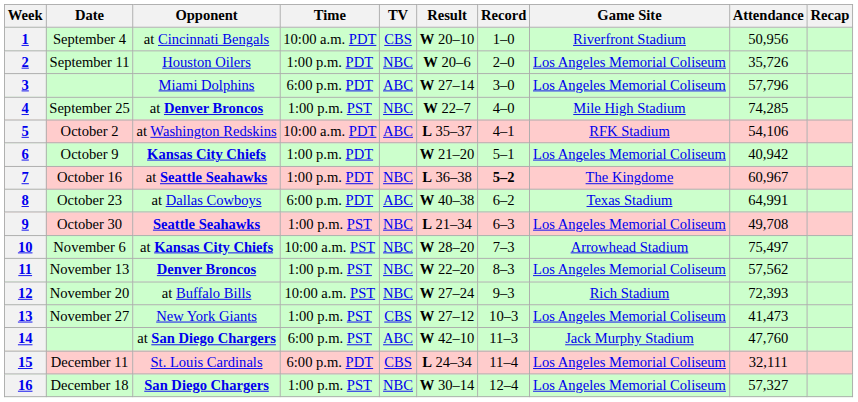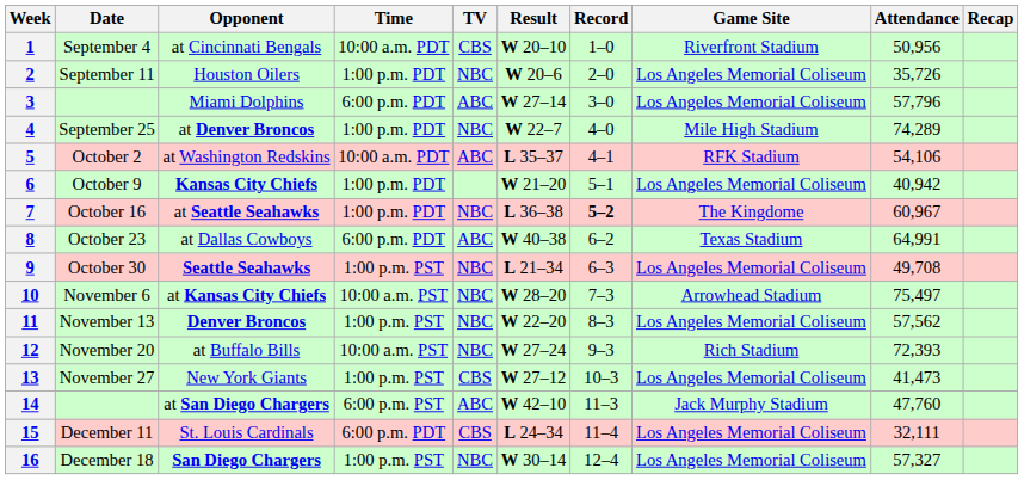 <table class="wikitable" style="text-align:center">
 <tr>
 <th>Week</th>
 <th>Date</th>
 <th>Opponent</th>
 <th>Time</th>
 <th>TV</th>
 <th>Result</th>
 <th>Record</th>
 <th>Game Site</th>
 <th>Attendance</th>
 <th>Recap</th>
 </tr>
 <tr style="background:#cfc">
 <th><a href='#'>1</a></th>
 <td>September 4</td>
 <td>at <a href='#'>Cincinnati Bengals</a></td>
 <td>10:00 a.m. <a href='#'>PDT</a></td>
 <td><a href='#'>CBS</a></td>
 <td><strong>W</strong> 20–10</td>
 <td>1–0</td>
 <td><a href='#'>Riverfront Stadium</a></td>
 <td>50,956</td>
 <td></td>
 </tr>
 <tr style="background:#cfc">
 <th><a href='#'>2</a></th>
 <td>September 11</td>
 <td><a href='#'>Houston Oilers</a></td>
 <td>1:00 p.m. <a href='#'>PDT</a></td>
 <td><a href='#'>NBC</a></td>
 <td><strong>W</strong> 20–6</td>
 <td>2–0</td>
 <td><a href='#'>Los Angeles Memorial Coliseum</a></td>
 <td>35,726</td>
 <td></td>
 </tr>
 <tr style="background:#cfc">
 <th><a href='#'>3</a></th>
 <td></td>
 <td><a href='#'>Miami Dolphins</a></td>
 <td>6:00 p.m. <a href='#'>PDT</a></td>
 <td><a href='#'>ABC</a></td>
 <td><strong>W</strong> 27–14</td>
 <td>3–0</td>
 <td><a href='#'>Los Angeles Memorial Coliseum</a></td>
 <td>57,796</td>
 <td></td>
 </tr>
 <tr style="background:#cfc">
 <th><a href='#'>4</a></th>
 <td>September 25</td>
 <td>at <strong><a href='#'>Denver Broncos</a></strong></td>
-<td>1:00 p.m. <a href='#'>PST</a></td>
+<td>1:00 p.m. <a href='#'>PDT</a></td>
 <td><a href='#'>NBC</a></td>
 <td><strong>W</strong> 22–7</td>
 <td>4–0</td>
 <td><a href='#'>Mile High Stadium</a></td>
-<td>74,285</td>
+<td>74,289</td>
 <td></td>
 </tr>
 <tr style="background:#fcc">
 <th><a href='#'>5</a></th>
 <td>October 2</td>
 <td>at <a href='#'>Washington Redskins</a></td>
 <td>10:00 a.m. <a href='#'>PDT</a></td>
 <td><a href='#'>ABC</a></td>
 <td><strong>L</strong> 35–37</td>
 <td>4–1</td>
 <td><a href='#'>RFK Stadium</a></td>
 <td>54,106</td>
 <td></td>
 </tr>
 <tr style="background:#cfc">
 <th><a href='#'>6</a></th>
 <td>October 9</td>
 <td><strong><a href='#'>Kansas City Chiefs</a></strong></td>
 <td>1:00 p.m. <a href='#'>PDT</a></td>
 <td></td>
 <td><strong>W</strong> 21–20</td>
 <td>5–1</td>
 <td><a href='#'>Los Angeles Memorial Coliseum</a></td>
 <td>40,942</td>
 <td></td>
 </tr>
 <tr style="background:#fcc">
 <th><a href='#'>7</a></th>
 <td>October 16</td>
 <td>at <strong><a href='#'>Seattle Seahawks</a></strong></td>
 <td>1:00 p.m. <a href='#'>PDT</a></td>
 <td><a href='#'>NBC</a></td>
 <td><strong>L</strong> 36–38</td>
 <td><strong>5–2</strong></td>
 <td><a href='#'>The Kingdome</a></td>
 <td>60,967</td>
 <td></td>
 </tr>
 <tr style="background:#cfc">
 <th><a href='#'>8</a></th>
 <td>October 23</td>
 <td>at <a href='#'>Dallas Cowboys</a></td>
 <td>6:00 p.m. <a href='#'>PDT</a></td>
 <td><a href='#'>ABC</a></td>
 <td><strong>W</strong> 40–38</td>
 <td>6–2</td>
 <td><a href='#'>Texas Stadium</a></td>
 <td>64,991</td>
 <td></td>
 </tr>
 <tr style="background:#fcc">
 <th><a href='#'>9</a></th>
 <td>October 30</td>
 <td><strong><a href='#'>Seattle Seahawks</a></strong></td>
 <td>1:00 p.m. <a href='#'>PST</a></td>
 <td><a href='#'>NBC</a></td>
 <td><strong>L</strong> 21–34</td>
 <td>6–3</td>
 <td><a href='#'>Los Angeles Memorial Coliseum</a></td>
 <td>49,708</td>
 <td></td>
 </tr>
 <tr style="background:#cfc">
 <th><a href='#'>10</a></th>
 <td>November 6</td>
 <td>at <strong><a href='#'>Kansas City Chiefs</a></strong></td>
 <td>10:00 a.m. <a href='#'>PST</a></td>
 <td><a href='#'>NBC</a></td>
 <td><strong>W</strong> 28–20</td>
 <td>7–3</td>
 <td><a href='#'>Arrowhead Stadium</a></td>
 <td>75,497</td>
 <td></td>
 </tr>
 <tr style="background:#cfc">
 <th><a href='#'>11</a></th>
 <td>November 13</td>
 <td><strong><a href='#'>Denver Broncos</a></strong></td>
 <td>1:00 p.m. <a href='#'>PST</a></td>
 <td><a href='#'>NBC</a></td>
 <td><strong>W</strong> 22–20</td>
 <td>8–3</td>
 <td><a href='#'>Los Angeles Memorial Coliseum</a></td>
 <td>57,562</td>
 <td></td>
 </tr>
 <tr style="background:#cfc">
 <th><a href='#'>12</a></th>
 <td>November 20</td>
 <td>at <a href='#'>Buffalo Bills</a></td>
 <td>10:00 a.m. <a href='#'>PST</a></td>
 <td><a href='#'>NBC</a></td>
 <td><strong>W</strong> 27–24</td>
 <td>9–3</td>
 <td><a href='#'>Rich Stadium</a></td>
 <td>72,393</td>
 <td></td>
 </tr>
 <tr style="background:#cfc">
 <th><a href='#'>13</a></th>
 <td>November 27</td>
 <td><a href='#'>New York Giants</a></td>
 <td>1:00 p.m. <a href='#'>PST</a></td>
 <td><a href='#'>CBS</a></td>
 <td><strong>W</strong> 27–12</td>
 <td>10–3</td>
 <td><a href='#'>Los Angeles Memorial Coliseum</a></td>
 <td>41,473</td>
 <td></td>
 </tr>
 <tr style="background:#cfc">
 <th><a href='#'>14</a></th>
 <td></td>
 <td>at <strong><a href='#'>San Diego Chargers</a></strong></td>
 <td>6:00 p.m. <a href='#'>PST</a></td>
 <td><a href='#'>ABC</a></td>
 <td><strong>W</strong> 42–10</td>
 <td>11–3</td>
 <td><a href='#'>Jack Murphy Stadium</a></td>
 <td>47,760</td>
 <td></td>
 </tr>
 <tr style="background:#fcc">
 <th><a href='#'>15</a></th>
 <td>December 11</td>
 <td><a href='#'>St. Louis Cardinals</a></td>
 <td>6:00 p.m. <a href='#'>PDT</a></td>
 <td><a href='#'>CBS</a></td>
 <td><strong>L</strong> 24–34</td>
 <td>11–4</td>
 <td><a href='#'>Los Angeles Memorial Coliseum</a></td>
 <td>32,111</td>
 <td></td>
 </tr>
 <tr style="background:#cfc">
 <th><a href='#'>16</a></th>
 <td>December 18</td>
 <td><strong><a href='#'>San Diego Chargers</a></strong></td>
 <td>1:00 p.m. <a href='#'>PST</a></td>
 <td><a href='#'>NBC</a></td>
 <td><strong>W</strong> 30–14</td>
 <td>12–4</td>
 <td><a href='#'>Los Angeles Memorial Coliseum</a></td>
 <td>57,327</td>
 <td></td>
 </tr>
 </table>
